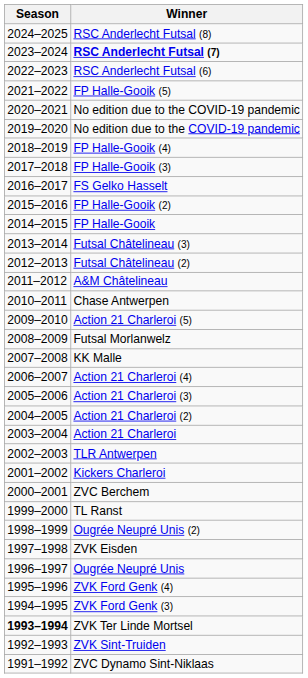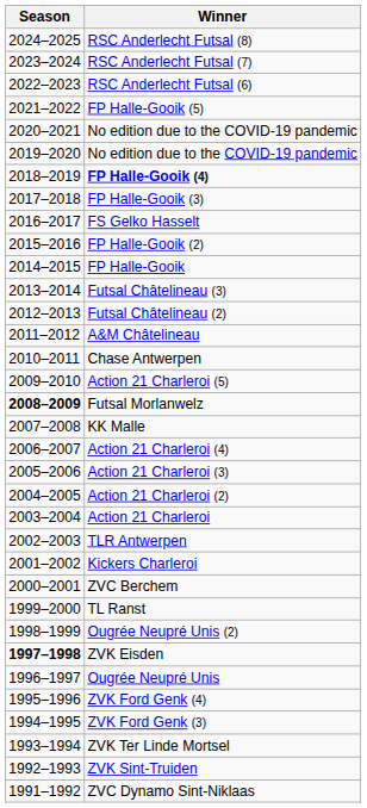 <table class="wikitable sortable alternance" style="font-size:90%">
 <tr>
 <th>Season</th>
 <th>Winner</th>
 </tr>
 <tr>
 <td>2024–2025</td>
 <td><a href='#'>RSC Anderlecht Futsal</a> <small>(8)</small></td>
 </tr>
 <tr>
 <td>2023–2024</td>
-<td><strong><a href='#'>RSC Anderlecht Futsal</a> <small>(7)</small></strong></td>
+<td><a href='#'>RSC Anderlecht Futsal</a> <small>(7)</small></td>
 </tr>
 <tr>
 <td>2022–2023</td>
 <td><a href='#'>RSC Anderlecht Futsal</a> <small>(6)</small></td>
 </tr>
 <tr>
 <td>2021–2022</td>
 <td><a href='#'>FP Halle-Gooik</a> <small>(5)</small></td>
 </tr>
 <tr>
 <td>2020–2021</td>
 <td>No edition due to the COVID-19 pandemic</td>
 </tr>
 <tr>
 <td>2019–2020</td>
 <td>No edition due to the <a href='#'>COVID-19 pandemic</a></td>
 </tr>
 <tr>
 <td>2018–2019</td>
-<td><a href='#'>FP Halle-Gooik</a> <small>(4)</small></td>
+<td><strong><a href='#'>FP Halle-Gooik</a> <small>(4)</small></strong></td>
 </tr>
 <tr>
 <td>2017–2018</td>
 <td><a href='#'>FP Halle-Gooik</a> <small>(3)</small></td>
 </tr>
 <tr>
 <td>2016–2017</td>
 <td><a href='#'>FS Gelko Hasselt</a></td>
 </tr>
 <tr>
 <td>2015–2016</td>
 <td><a href='#'>FP Halle-Gooik</a> <small>(2)</small></td>
 </tr>
 <tr>
 <td>2014–2015</td>
 <td><a href='#'>FP Halle-Gooik</a></td>
 </tr>
 <tr>
 <td>2013–2014</td>
 <td><a href='#'>Futsal Châtelineau</a> <small>(3)</small></td>
 </tr>
 <tr>
 <td>2012–2013</td>
 <td><a href='#'>Futsal Châtelineau</a> <small>(2)</small></td>
 </tr>
 <tr>
 <td>2011–2012</td>
 <td><a href='#'>A&M Châtelineau</a></td>
 </tr>
 <tr>
 <td>2010–2011</td>
 <td>Chase Antwerpen</td>
 </tr>
 <tr>
 <td>2009–2010</td>
 <td><a href='#'>Action 21 Charleroi</a> <small>(5)</small></td>
 </tr>
 <tr>
-<td>2008–2009</td>
+<td><strong>2008–2009</strong></td>
 <td>Futsal Morlanwelz</td>
 </tr>
 <tr>
 <td>2007–2008</td>
 <td>KK Malle</td>
 </tr>
 <tr>
 <td>2006–2007</td>
 <td><a href='#'>Action 21 Charleroi</a> <small>(4)</small></td>
 </tr>
 <tr>
 <td>2005–2006</td>
 <td><a href='#'>Action 21 Charleroi</a> <small>(3)</small></td>
 </tr>
 <tr>
 <td>2004–2005</td>
 <td><a href='#'>Action 21 Charleroi</a> <small>(2)</small></td>
 </tr>
 <tr>
 <td>2003–2004</td>
 <td><a href='#'>Action 21 Charleroi</a></td>
 </tr>
 <tr>
 <td>2002–2003</td>
 <td><a href='#'>TLR Antwerpen</a></td>
 </tr>
 <tr>
 <td>2001–2002</td>
 <td><a href='#'>Kickers Charleroi</a></td>
 </tr>
 <tr>
 <td>2000–2001</td>
 <td>ZVC Berchem</td>
 </tr>
 <tr>
 <td>1999–2000</td>
 <td>TL Ranst</td>
 </tr>
 <tr>
 <td>1998–1999</td>
 <td><a href='#'>Ougrée Neupré Unis</a> <small>(2)</small></td>
 </tr>
 <tr>
-<td>1997–1998</td>
+<td><strong>1997–1998</strong></td>
 <td>ZVK Eisden</td>
 </tr>
 <tr>
 <td>1996–1997</td>
 <td><a href='#'>Ougrée Neupré Unis</a></td>
 </tr>
 <tr>
 <td>1995–1996</td>
 <td><a href='#'>ZVK Ford Genk</a> <small>(4)</small></td>
 </tr>
 <tr>
 <td>1994–1995</td>
 <td><a href='#'>ZVK Ford Genk</a> <small>(3)</small></td>
 </tr>
 <tr>
-<td><strong>1993–1994</strong></td>
+<td>1993–1994</td>
 <td>ZVK Ter Linde Mortsel</td>
 </tr>
 <tr>
 <td>1992–1993</td>
 <td><a href='#'>ZVK Sint-Truiden</a></td>
 </tr>
 <tr>
 <td>1991–1992</td>
 <td>ZVC Dynamo Sint-Niklaas</td>
 </tr>
 </table>
